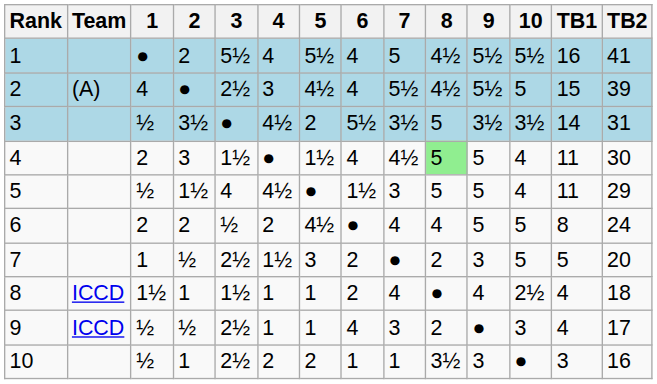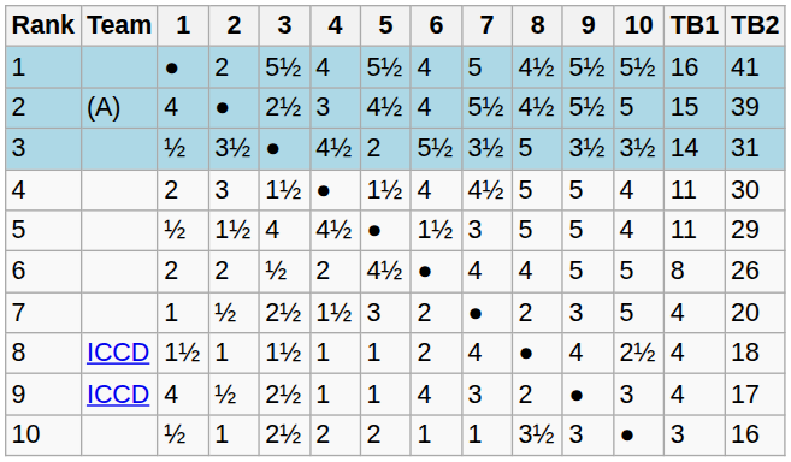 <table class="wikitable">
 <tr>
 <th>Rank</th>
 <th>Team</th>
 <th style="width:1.5em;">1</th>
 <th style="width:1.5em;">2</th>
 <th style="width:1.5em;">3</th>
 <th style="width:1.5em;">4</th>
 <th style="width:1.5em;">5</th>
 <th style="width:1.5em;">6</th>
 <th style="width:1.5em;">7</th>
 <th style="width:1.5em;">8</th>
 <th style="width:1.5em;">9</th>
 <th style="width:1.5em;">10</th>
 <th>TB1</th>
 <th>TB2</th>
 </tr>
 <tr style="background:lightblue">
 <td>1</td>
 <td></td>
 <td>●</td>
 <td>2</td>
 <td>5½</td>
 <td>4</td>
 <td>5½</td>
 <td>4</td>
 <td>5</td>
 <td>4½</td>
 <td>5½</td>
 <td>5½</td>
 <td>16</td>
 <td>41</td>
 </tr>
 <tr style="background:lightblue">
 <td>2</td>
 <td> (A)</td>
 <td>4</td>
 <td>●</td>
 <td>2½</td>
 <td>3</td>
 <td>4½</td>
 <td>4</td>
 <td>5½</td>
 <td>4½</td>
 <td>5½</td>
 <td>5</td>
 <td>15</td>
 <td>39</td>
 </tr>
 <tr style="background:lightblue">
 <td>3</td>
 <td></td>
 <td>½</td>
 <td>3½</td>
 <td>●</td>
 <td>4½</td>
 <td>2</td>
 <td>5½</td>
 <td>3½</td>
 <td>5</td>
 <td>3½</td>
 <td>3½</td>
 <td>14</td>
 <td>31</td>
 </tr>
 <tr>
 <td>4</td>
 <td></td>
 <td>2</td>
 <td>3</td>
 <td>1½</td>
 <td>●</td>
 <td>1½</td>
 <td>4</td>
 <td>4½</td>
-<td style="background: lightgreen;">5</td>
+<td>5</td>
 <td>5</td>
 <td>4</td>
 <td>11</td>
 <td>30</td>
 </tr>
 <tr>
 <td>5</td>
 <td></td>
 <td>½</td>
 <td>1½</td>
 <td>4</td>
 <td>4½</td>
 <td>●</td>
 <td>1½</td>
 <td>3</td>
 <td>5</td>
 <td>5</td>
 <td>4</td>
 <td>11</td>
 <td>29</td>
 </tr>
 <tr>
 <td>6</td>
 <td></td>
 <td>2</td>
 <td>2</td>
 <td>½</td>
 <td>2</td>
 <td>4½</td>
 <td>●</td>
 <td>4</td>
 <td>4</td>
 <td>5</td>
 <td>5</td>
 <td>8</td>
-<td>24</td>
+<td>26</td>
 </tr>
 <tr>
 <td>7</td>
 <td></td>
 <td>1</td>
 <td>½</td>
 <td>2½</td>
 <td>1½</td>
 <td>3</td>
 <td>2</td>
 <td>●</td>
 <td>2</td>
 <td>3</td>
 <td>5</td>
-<td>5</td>
+<td>4</td>
 <td>20</td>
 </tr>
 <tr>
 <td>8</td>
 <td><a href='#'>ICCD</a></td>
 <td>1½</td>
 <td>1</td>
 <td>1½</td>
 <td>1</td>
 <td>1</td>
 <td>2</td>
 <td>4</td>
 <td>●</td>
 <td>4</td>
 <td>2½</td>
 <td>4</td>
 <td>18</td>
 </tr>
 <tr>
 <td>9</td>
 <td><a href='#'>ICCD</a></td>
-<td>½</td>
+<td>4</td>
 <td>½</td>
 <td>2½</td>
 <td>1</td>
 <td>1</td>
 <td>4</td>
 <td>3</td>
 <td>2</td>
 <td>●</td>
 <td>3</td>
 <td>4</td>
 <td>17</td>
 </tr>
 <tr>
 <td>10</td>
 <td></td>
 <td>½</td>
 <td>1</td>
 <td>2½</td>
 <td>2</td>
 <td>2</td>
 <td>1</td>
 <td>1</td>
 <td>3½</td>
 <td>3</td>
 <td>●</td>
 <td>3</td>
 <td>16</td>
 </tr>
 </table>
